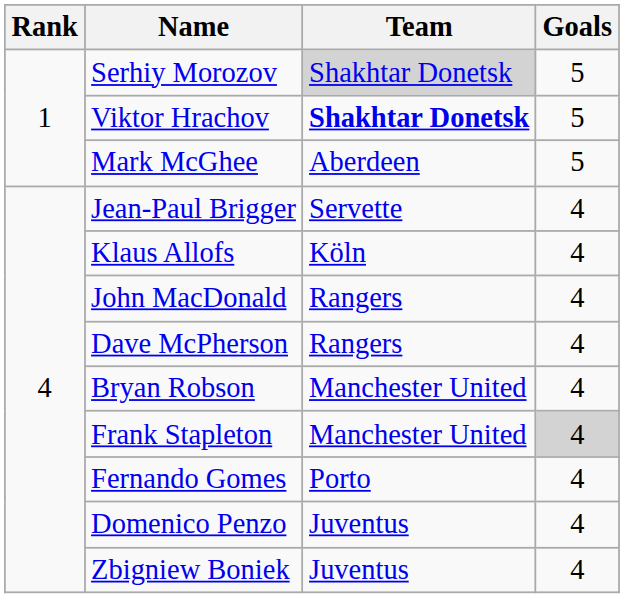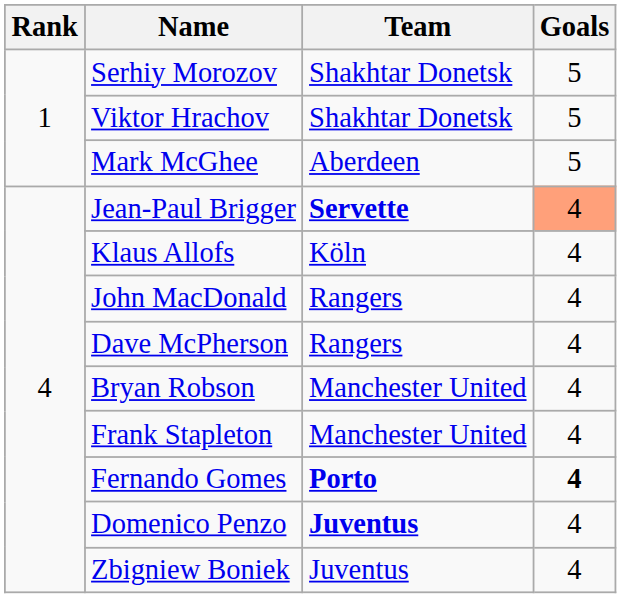 <table class="wikitable" style="text-align:center">
 <tr>
 <th>Rank</th>
 <th>Name</th>
 <th>Team</th>
 <th>Goals</th>
 </tr>
 <tr>
 <td rowspan="3">1</td>
 <td align="left"> <a href='#'>Serhiy Morozov</a></td>
-<td align="left" style="background: lightgrey;"> <a href='#'>Shakhtar Donetsk</a></td>
+<td align="left"> <a href='#'>Shakhtar Donetsk</a></td>
 <td>5</td>
 </tr>
 <tr>
 <td align="left"> <a href='#'>Viktor Hrachov</a></td>
-<td align="left"><strong> <a href='#'>Shakhtar Donetsk</a></strong></td>
+<td align="left"> <a href='#'>Shakhtar Donetsk</a></td>
 <td>5</td>
 </tr>
 <tr>
 <td align="left"> <a href='#'>Mark McGhee</a></td>
 <td align="left"> <a href='#'>Aberdeen</a></td>
 <td>5</td>
 </tr>
 <tr>
 <td rowspan="9">4</td>
 <td align="left"> <a href='#'>Jean-Paul Brigger</a></td>
-<td align="left"> <a href='#'>Servette</a></td>
-<td>4</td>
+<td align="left"><strong> <a href='#'>Servette</a></strong></td>
+<td style="background: lightsalmon;">4</td>
 </tr>
 <tr>
 <td align="left"> <a href='#'>Klaus Allofs</a></td>
 <td align="left"> <a href='#'>Köln</a></td>
 <td>4</td>
 </tr>
 <tr>
 <td align="left"> <a href='#'>John MacDonald</a></td>
 <td align="left"> <a href='#'>Rangers</a></td>
 <td>4</td>
 </tr>
 <tr>
 <td align="left"> <a href='#'>Dave McPherson</a></td>
 <td align="left"> <a href='#'>Rangers</a></td>
 <td>4</td>
 </tr>
 <tr>
 <td align="left"> <a href='#'>Bryan Robson</a></td>
 <td align="left"> <a href='#'>Manchester United</a></td>
 <td>4</td>
 </tr>
 <tr>
 <td align="left"> <a href='#'>Frank Stapleton</a></td>
 <td align="left"> <a href='#'>Manchester United</a></td>
-<td style="background: lightgrey;">4</td>
+<td>4</td>
 </tr>
 <tr>
 <td align="left"> <a href='#'>Fernando Gomes</a></td>
-<td align="left"> <a href='#'>Porto</a></td>
-<td>4</td>
+<td align="left"><strong> <a href='#'>Porto</a></strong></td>
+<td><strong>4</strong></td>
 </tr>
 <tr>
 <td align="left"> <a href='#'>Domenico Penzo</a></td>
-<td align="left"> <a href='#'>Juventus</a></td>
+<td align="left"><strong> <a href='#'>Juventus</a></strong></td>
 <td>4</td>
 </tr>
 <tr>
 <td align="left"> <a href='#'>Zbigniew Boniek</a></td>
 <td align="left"> <a href='#'>Juventus</a></td>
 <td>4</td>
 </tr>
 </table>
